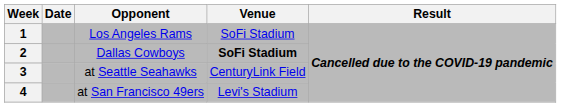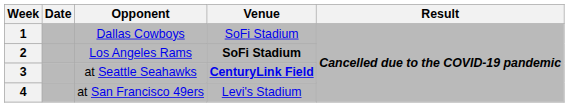 <table class="wikitable" style="text-align:center">
 <tr>
 <th>Week</th>
 <th>Date</th>
 <th>Opponent</th>
 <th>Venue</th>
 <th>Result</th>
 </tr>
 <tr style="background:#bababa">
 <th>1</th>
 <td></td>
-<td><a href='#'>Los Angeles Rams</a></td>
+<td><a href='#'>Dallas Cowboys</a></td>
 <td><a href='#'>SoFi Stadium</a></td>
 <td rowspan=4><strong><em>Cancelled due to the COVID-19 pandemic</em></strong></td>
 </tr>
 <tr style="background:#bababa">
 <th>2</th>
 <td></td>
-<td><a href='#'>Dallas Cowboys</a></td>
+<td><a href='#'>Los Angeles Rams</a></td>
 <td><strong>SoFi Stadium</strong></td>
 </tr>
 <tr style="background:#bababa">
 <th>3</th>
 <td></td>
 <td>at <a href='#'>Seattle Seahawks</a></td>
-<td><a href='#'>CenturyLink Field</a></td>
+<td><strong><a href='#'>CenturyLink Field</a></strong></td>
 </tr>
 <tr style="background:#bababa">
 <th>4</th>
 <td></td>
 <td>at <a href='#'>San Francisco 49ers</a></td>
 <td><a href='#'>Levi's Stadium</a></td>
 </tr>
 </table>
